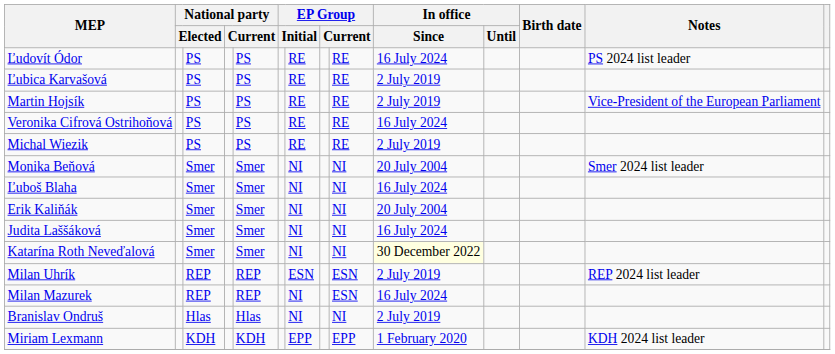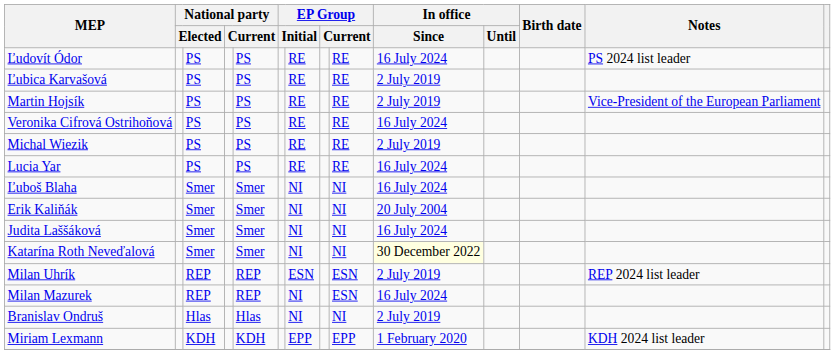 <table class="wikitable sortable" style="text-align:left">
 <tr>
 <th rowspan="2">MEP</th>
 <th colspan="4">National party</th>
 <th colspan="4"><a href='#'>EP Group</a></th>
 <th colspan="2">In office</th>
 <th rowspan="2">Birth date</th>
 <th rowspan="2">Notes</th>
 <th rowspan="2" class="unsortable"></th>
 </tr>
 <tr>
 <th colspan="2">Elected</th>
 <th colspan="2">Current</th>
 <th colspan="2">Initial</th>
 <th colspan="2">Current</th>
 <th>Since</th>
 <th>Until</th>
 </tr>
 <tr>
 <td><a href='#'>Ľudovít Ódor</a></td>
 <td style="background: "></td>
 <td><a href='#'>PS</a></td>
 <td style="background: "></td>
 <td><a href='#'>PS</a></td>
 <td style="background: "></td>
 <td><a href='#'>RE</a></td>
 <td style="background: "></td>
 <td><a href='#'>RE</a></td>
 <td><a href='#'>16 July 2024</a></td>
 <td></td>
 <td></td>
 <td><a href='#'>PS</a> 2024 list leader</td>
 <td></td>
 </tr>
 <tr>
 <td><a href='#'>Ľubica Karvašová</a></td>
 <td style="background: "></td>
 <td><a href='#'>PS</a></td>
 <td style="background: "></td>
 <td><a href='#'>PS</a></td>
 <td style="background: "></td>
 <td><a href='#'>RE</a></td>
 <td style="background: "></td>
 <td><a href='#'>RE</a></td>
 <td><a href='#'>2 July 2019</a></td>
 <td></td>
 <td></td>
 <td></td>
 <td></td>
 </tr>
 <tr>
 <td><a href='#'>Martin Hojsík</a></td>
 <td style="background: "></td>
 <td><a href='#'>PS</a></td>
 <td style="background: "></td>
 <td><a href='#'>PS</a></td>
 <td style="background: "></td>
 <td><a href='#'>RE</a></td>
 <td style="background: "></td>
 <td><a href='#'>RE</a></td>
 <td><a href='#'>2 July 2019</a></td>
 <td></td>
 <td></td>
 <td><a href='#'>Vice-President of the European Parliament</a></td>
 <td></td>
 </tr>
 <tr>
 <td><a href='#'>Veronika Cifrová Ostrihoňová</a></td>
 <td style="background: "></td>
 <td><a href='#'>PS</a></td>
 <td style="background: "></td>
 <td><a href='#'>PS</a></td>
 <td style="background: "></td>
 <td><a href='#'>RE</a></td>
 <td style="background: "></td>
 <td><a href='#'>RE</a></td>
 <td><a href='#'>16 July 2024</a></td>
 <td></td>
 <td></td>
 <td></td>
 <td></td>
 </tr>
 <tr>
 <td><a href='#'>Michal Wiezik</a></td>
 <td style="background: "></td>
 <td><a href='#'>PS</a></td>
 <td style="background: "></td>
 <td><a href='#'>PS</a></td>
 <td style="background: "></td>
 <td><a href='#'>RE</a></td>
 <td style="background: "></td>
 <td><a href='#'>RE</a></td>
 <td><a href='#'>2 July 2019</a></td>
 <td></td>
 <td></td>
 <td></td>
 <td></td>
 </tr>
 <tr>
-<td><a href='#'>Monika Beňová</a></td>
+<td><a href='#'>Lucia Yar</a></td>
 <td style="background: "></td>
-<td><a href='#'>Smer</a></td>
+<td><a href='#'>PS</a></td>
 <td style="background: "></td>
-<td><a href='#'>Smer</a></td>
+<td><a href='#'>PS</a></td>
 <td style="background: "></td>
-<td><a href='#'>NI</a></td>
+<td><a href='#'>RE</a></td>
 <td style="background: "></td>
-<td><a href='#'>NI</a></td>
-<td><a href='#'>20 July 2004</a></td>
+<td><a href='#'>RE</a></td>
+<td><a href='#'>16 July 2024</a></td>
 <td></td>
 <td></td>
-<td><a href='#'>Smer</a> 2024 list leader</td>
+<td></td>
 <td></td>
 </tr>
 <tr>
 <td><a href='#'>Ľuboš Blaha</a></td>
 <td style="background: "></td>
 <td><a href='#'>Smer</a></td>
 <td style="background: "></td>
 <td><a href='#'>Smer</a></td>
 <td style="background: "></td>
 <td><a href='#'>NI</a></td>
 <td style="background: "></td>
 <td><a href='#'>NI</a></td>
 <td><a href='#'>16 July 2024</a></td>
 <td></td>
 <td></td>
 <td></td>
 <td></td>
 </tr>
 <tr>
 <td><a href='#'>Erik Kaliňák</a></td>
 <td style="background: "></td>
 <td><a href='#'>Smer</a></td>
 <td style="background: "></td>
 <td><a href='#'>Smer</a></td>
 <td style="background: "></td>
 <td><a href='#'>NI</a></td>
 <td style="background: "></td>
 <td><a href='#'>NI</a></td>
 <td><a href='#'>20 July 2004</a></td>
 <td></td>
 <td></td>
 <td></td>
 <td></td>
 </tr>
 <tr>
 <td><a href='#'>Judita Laššáková</a></td>
 <td style="background: "></td>
 <td><a href='#'>Smer</a></td>
 <td style="background: "></td>
 <td><a href='#'>Smer</a></td>
 <td style="background: "></td>
 <td><a href='#'>NI</a></td>
 <td style="background: "></td>
 <td><a href='#'>NI</a></td>
 <td><a href='#'>16 July 2024</a></td>
 <td></td>
 <td></td>
 <td></td>
 <td></td>
 </tr>
 <tr>
 <td><a href='#'>Katarína Roth Neveďalová</a></td>
 <td style="background: "></td>
 <td><a href='#'>Smer</a></td>
 <td style="background: "></td>
 <td><a href='#'>Smer</a></td>
 <td style="background: "></td>
 <td><a href='#'>NI</a></td>
 <td style="background: "></td>
 <td><a href='#'>NI</a></td>
 <td style="background: lightyellow;">30 December 2022</td>
 <td></td>
 <td></td>
 <td></td>
 <td></td>
 </tr>
 <tr>
 <td><a href='#'>Milan Uhrík</a></td>
 <td style="background: "></td>
 <td><a href='#'>REP</a></td>
 <td style="background: "></td>
 <td><a href='#'>REP</a></td>
 <td style="background: "></td>
 <td><a href='#'>ESN</a></td>
 <td style="background: "></td>
 <td><a href='#'>ESN</a></td>
 <td><a href='#'>2 July 2019</a></td>
 <td></td>
 <td></td>
 <td><a href='#'>REP</a> 2024 list leader</td>
 <td></td>
 </tr>
 <tr>
 <td><a href='#'>Milan Mazurek</a></td>
 <td style="background: "></td>
 <td><a href='#'>REP</a></td>
 <td style="background: "></td>
 <td><a href='#'>REP</a></td>
 <td style="background: "></td>
 <td><a href='#'>NI</a></td>
 <td style="background: "></td>
 <td><a href='#'>ESN</a></td>
 <td><a href='#'>16 July 2024</a></td>
 <td></td>
 <td></td>
 <td></td>
 <td></td>
 </tr>
 <tr>
 <td><a href='#'>Branislav Ondruš</a></td>
 <td style="background: "></td>
 <td><a href='#'>Hlas</a></td>
 <td style="background: "></td>
 <td><a href='#'>Hlas</a></td>
 <td style="background: "></td>
 <td><a href='#'>NI</a></td>
 <td style="background: "></td>
 <td><a href='#'>NI</a></td>
 <td><a href='#'>2 July 2019</a></td>
 <td></td>
 <td></td>
 <td></td>
 <td></td>
 </tr>
 <tr>
 <td><a href='#'>Miriam Lexmann</a></td>
 <td style="background: "></td>
 <td><a href='#'>KDH</a></td>
 <td style="background: "></td>
 <td><a href='#'>KDH</a></td>
 <td style="background: "></td>
 <td><a href='#'>EPP</a></td>
 <td style="background: "></td>
 <td><a href='#'>EPP</a></td>
 <td><a href='#'>1 February 2020</a></td>
 <td></td>
 <td></td>
 <td><a href='#'>KDH</a> 2024 list leader</td>
 <td></td>
 </tr>
 <tr>
 </tr>
 </table>
